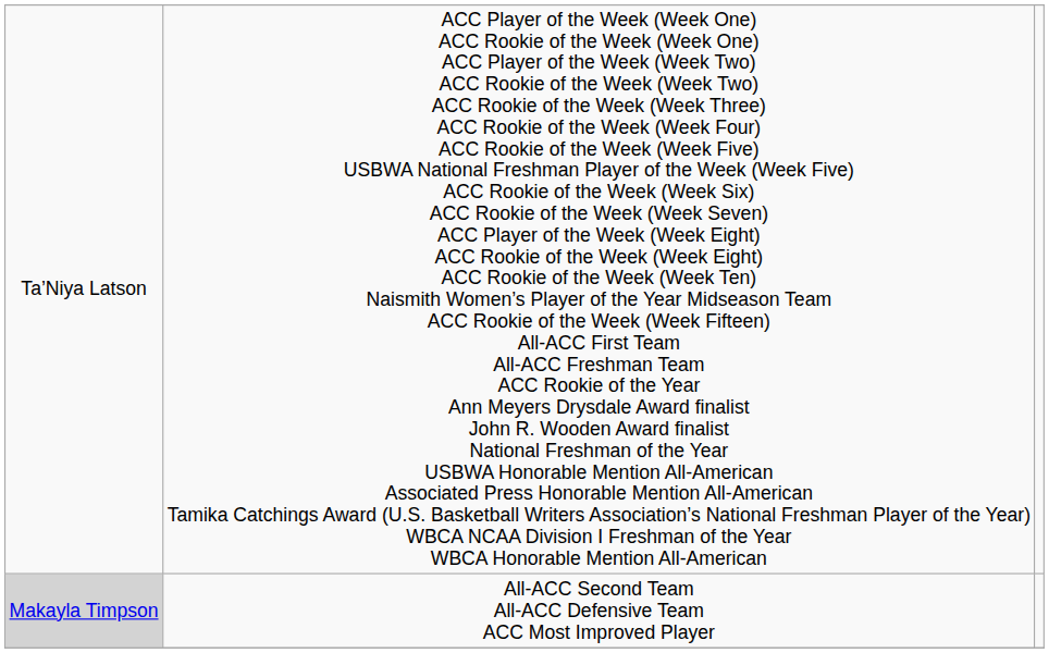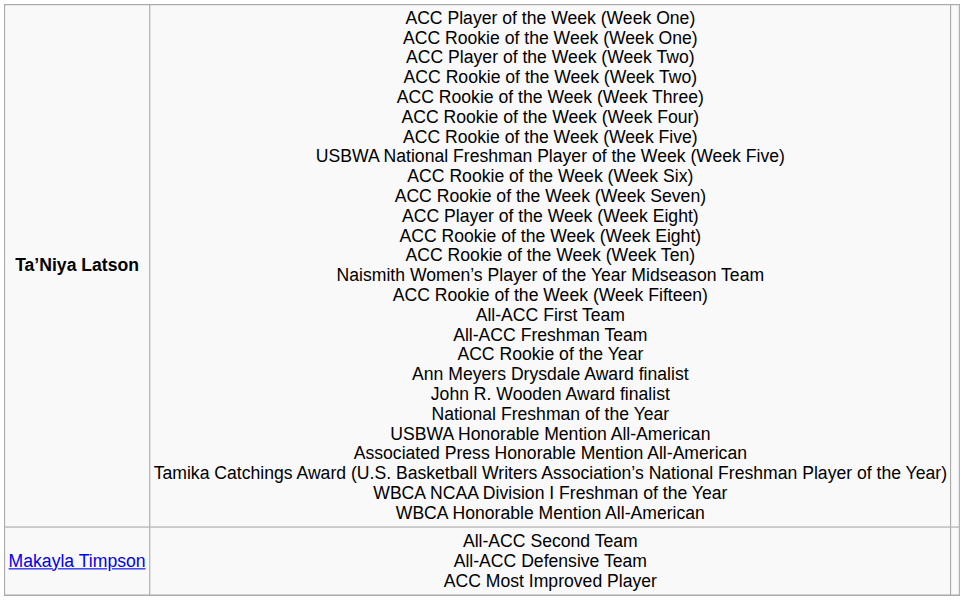 <table class="wikitable sortable" style="text-align: center">
 <tr align=center>
 </tr>
 <tr>
-<td>Ta’Niya Latson</td>
+<td><strong>Ta’Niya Latson</strong></td>
 <td>ACC Player of the Week (Week One)<br>ACC Rookie of the Week (Week One)<br>ACC Player of the Week (Week Two)<br>ACC Rookie of the Week (Week Two)<br>ACC Rookie of the Week (Week Three)<br>ACC Rookie of the Week (Week Four)<br>ACC Rookie of the Week (Week Five)<br>USBWA National Freshman Player of the Week (Week Five)<br>ACC Rookie of the Week (Week Six)<br>ACC Rookie of the Week (Week Seven)<br>ACC Player of the Week (Week Eight)<br>ACC Rookie of the Week (Week Eight)<br>ACC Rookie of the Week (Week Ten)<br>Naismith Women’s Player of the Year Midseason Team<br>ACC Rookie of the Week (Week Fifteen)<br>All-ACC First Team<br>All-ACC Freshman Team<br>ACC Rookie of the Year<br>Ann Meyers Drysdale Award finalist<br>John R. Wooden Award finalist<br>National Freshman of the Year<br>USBWA Honorable Mention All-American<br>Associated Press Honorable Mention All-American<br>Tamika Catchings Award (U.S. Basketball Writers Association’s National Freshman Player of the Year)<br>WBCA NCAA Division I Freshman of the Year<br>WBCA Honorable Mention All-American</td>
 <td></td>
 </tr>
 <tr>
-<td style="background: lightgrey;"><a href='#'>Makayla Timpson</a></td>
+<td><a href='#'>Makayla Timpson</a></td>
 <td>All-ACC Second Team<br>All-ACC Defensive Team<br>ACC Most Improved Player</td>
 <td></td>
 </tr>
 <tr>
 </tr>
 </table>
